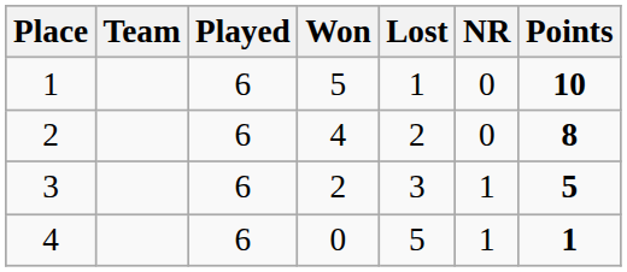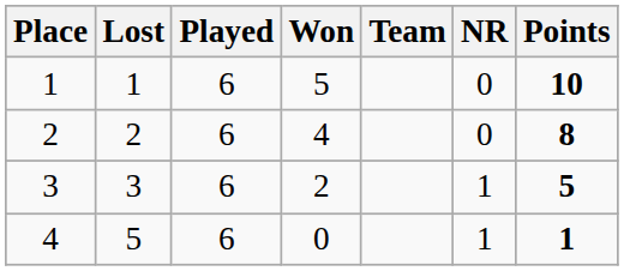 <table class="wikitable">
 <tr>
 <th>Place</th>
-<th>Team</th>
+<th>Lost</th>
 <th>Played</th>
 <th>Won</th>
-<th>Lost</th>
+<th>Team</th>
 <th>NR</th>
 <th>Points</th>
 </tr>
 <tr align="center">
 <td>1</td>
-<td align="left"></td>
+<td>1</td>
 <td>6</td>
 <td>5</td>
-<td>1</td>
+<td align="left"></td>
 <td>0</td>
 <td><strong>10</strong></td>
 </tr>
 <tr align="center">
 <td>2</td>
-<td align="left"></td>
+<td>2</td>
 <td>6</td>
 <td>4</td>
-<td>2</td>
+<td align="left"></td>
 <td>0</td>
 <td><strong>8</strong></td>
 </tr>
 <tr align="center">
 <td>3</td>
-<td align="left"></td>
+<td>3</td>
 <td>6</td>
 <td>2</td>
-<td>3</td>
+<td align="left"></td>
 <td>1</td>
 <td><strong>5</strong></td>
 </tr>
 <tr align="center">
 <td>4</td>
-<td align="left"></td>
+<td>5</td>
 <td>6</td>
 <td>0</td>
-<td>5</td>
+<td align="left"></td>
 <td>1</td>
 <td><strong>1</strong></td>
 </tr>
 </table>
